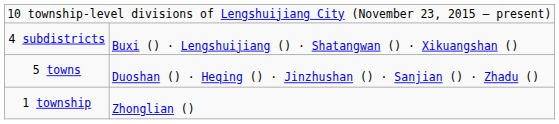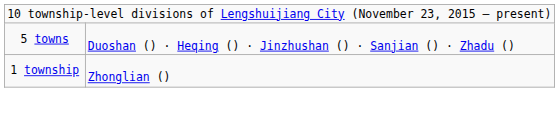 <table class="wikitable">
 <tr>
 <td style="text-align:center;" colspan="2">10 township-level divisions of <a href='#'>Lengshuijiang City</a> (November 23, 2015 – present)</td>
-</tr>
-<tr align=left>
-<td align=center>4 <a href='#'>subdistricts</a></td>
-<td><br><a href='#'>Buxi</a> () · <a href='#'>Lengshuijiang</a> () · <a href='#'>Shatangwan</a> () · <a href='#'>Xikuangshan</a> ()</td>
 </tr>
 <tr align=left>
 <td align=center>5 <a href='#'>towns</a></td>
 <td><br><a href='#'>Duoshan</a> () · <a href='#'>Heqing</a> () · <a href='#'>Jinzhushan</a> () · <a href='#'>Sanjian</a> () · <a href='#'>Zhadu</a> ()</td>
 </tr>
 <tr align=left>
 <td align=center>1 <a href='#'>township</a></td>
 <td><br><a href='#'>Zhonglian</a> ()</td>
 </tr>
 </table>
